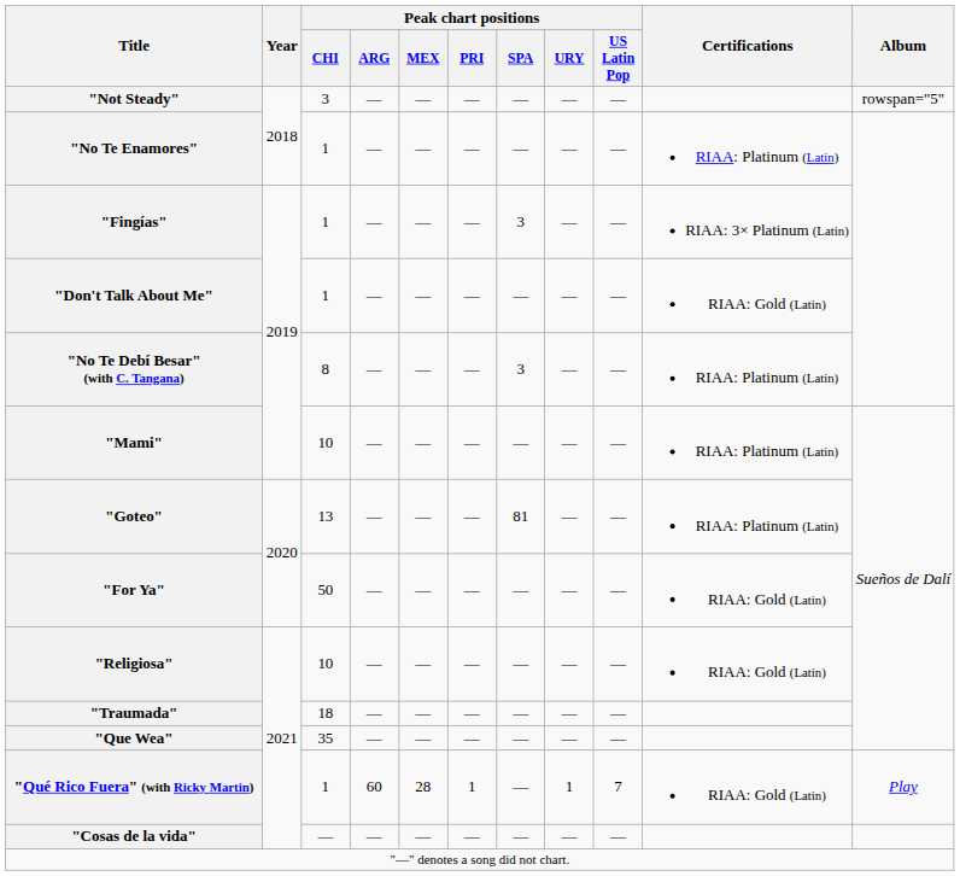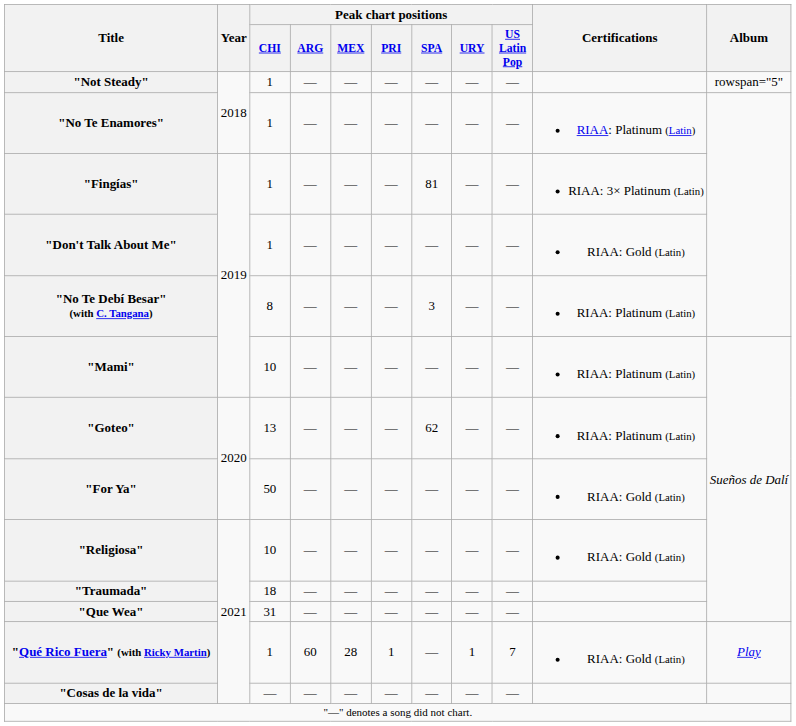 <table class="wikitable plainrowheaders" style="text-align:center;">
 <tr>
 <th scope="col" rowspan="2" style="width:16em;">Title</th>
 <th scope="col" rowspan="2">Year</th>
 <th scope="col" colspan="7">Peak chart positions</th>
 <th scope="col" rowspan="2">Certifications</th>
 <th scope="col" rowspan="2">Album</th>
 </tr>
 <tr>
 <th scope="col" style="width:3em;font-size:90%;"><a href='#'>CHI</a></th>
 <th scope="col" style="width:3em;font-size:90%;"><a href='#'>ARG</a><br></th>
 <th scope="col" style="width:3em;font-size:90%;"><a href='#'>MEX</a><br></th>
 <th scope="col" style="width:3em;font-size:90%;"><a href='#'>PRI</a></th>
 <th scope="col" style="width:3em;font-size:90%;"><a href='#'>SPA</a></th>
 <th scope="col" style="width:3em;font-size:90%;"><a href='#'>URY</a></th>
 <th scope="col" style="width:3em;font-size:90%;"><a href='#'>US Latin Pop</a><br></th>
 </tr>
 <tr>
 <th scope="row">"Not Steady"</th>
 <td rowspan="2">2018</td>
-<td>3</td>
+<td>1</td>
 <td>—</td>
 <td>—</td>
 <td>—</td>
 <td>—</td>
 <td>—</td>
 <td>—</td>
 <td></td>
 <td>rowspan="5" </td>
 </tr>
 <tr>
 <th scope="row">"No Te Enamores"</th>
 <td>1</td>
 <td>—</td>
 <td>—</td>
 <td>—</td>
 <td>—</td>
 <td>—</td>
 <td>—</td>
 <td><br><ul><li><a href='#'>RIAA</a>: Platinum <small>(<a href='#'>Latin</a>)</small></li></ul></td>
 </tr>
 <tr>
 <th scope="row">"Fingías"</th>
 <td rowspan="4">2019</td>
 <td>1</td>
 <td>—</td>
 <td>—</td>
 <td>—</td>
-<td>3</td>
+<td>81</td>
 <td>—</td>
 <td>—</td>
 <td><br><ul><li>RIAA: 3× Platinum <small>(Latin)</small></li></ul></td>
 </tr>
 <tr>
 <th scope="row">"Don't Talk About Me"</th>
 <td>1</td>
 <td>—</td>
 <td>—</td>
 <td>—</td>
 <td>—</td>
 <td>—</td>
 <td>—</td>
 <td><br><ul><li>RIAA: Gold <small>(Latin)</small></li></ul></td>
 </tr>
 <tr>
 <th scope="row">"No Te Debí Besar"<br><small>(with <a href='#'>C. Tangana</a>)</small></th>
 <td>8</td>
 <td>—</td>
 <td>—</td>
 <td>—</td>
 <td>3</td>
 <td>—</td>
 <td>—</td>
 <td><br><ul><li>RIAA: Platinum <small>(Latin)</small></li></ul></td>
 </tr>
 <tr>
 <th scope="row">"Mami"</th>
 <td>10</td>
 <td>—</td>
 <td>—</td>
 <td>—</td>
 <td>—</td>
 <td>—</td>
 <td>—</td>
 <td><br><ul><li>RIAA: Platinum <small>(Latin)</small></li></ul></td>
 <td rowspan="6"><em>Sueños de Dalí</em></td>
 </tr>
 <tr>
 <th scope="row">"Goteo"</th>
 <td rowspan="2">2020</td>
 <td>13</td>
 <td>—</td>
 <td>—</td>
 <td>—</td>
-<td>81</td>
+<td>62</td>
 <td>—</td>
 <td>—</td>
 <td><br><ul><li>RIAA: Platinum <small>(Latin)</small></li></ul></td>
 </tr>
 <tr>
 <th scope="row">"For Ya"</th>
 <td>50</td>
 <td>—</td>
 <td>—</td>
 <td>—</td>
 <td>—</td>
 <td>—</td>
 <td>—</td>
 <td><br><ul><li>RIAA: Gold <small>(Latin)</small></li></ul></td>
 </tr>
 <tr>
 <th scope="row">"Religiosa"</th>
 <td rowspan="5">2021</td>
 <td>10</td>
 <td>—</td>
 <td>—</td>
 <td>—</td>
 <td>—</td>
 <td>—</td>
 <td>—</td>
 <td><br><ul><li>RIAA: Gold <small>(Latin)</small></li></ul></td>
 </tr>
 <tr>
 <th scope="row">"Traumada"</th>
 <td>18</td>
 <td>—</td>
 <td>—</td>
 <td>—</td>
 <td>—</td>
 <td>—</td>
 <td>—</td>
 <td></td>
 </tr>
 <tr>
 <th scope="row">"Que Wea"</th>
-<td>35</td>
+<td>31</td>
 <td>—</td>
 <td>—</td>
 <td>—</td>
 <td>—</td>
 <td>—</td>
 <td>—</td>
 <td></td>
 </tr>
 <tr>
 <th scope="row">"<a href='#'>Qué Rico Fuera</a>" <small>(with <a href='#'>Ricky Martin</a>)</small></th>
 <td>1</td>
 <td>60</td>
 <td>28</td>
 <td>1</td>
 <td>—</td>
 <td>1</td>
 <td>7</td>
 <td><br><ul><li>RIAA: Gold <small>(Latin)</small></li></ul></td>
 <td><em><a href='#'>Play</a></em></td>
 </tr>
 <tr>
 <th scope="row">"Cosas de la vida"</th>
 <td>—</td>
 <td>—</td>
 <td>—</td>
 <td>—</td>
 <td>—</td>
 <td>—</td>
 <td>—</td>
 <td></td>
 <td></td>
 </tr>
 <tr>
 <td colspan="11" align="center" style="font-size:85%">"—" denotes a song did not chart.</td>
 </tr>
 </table>
